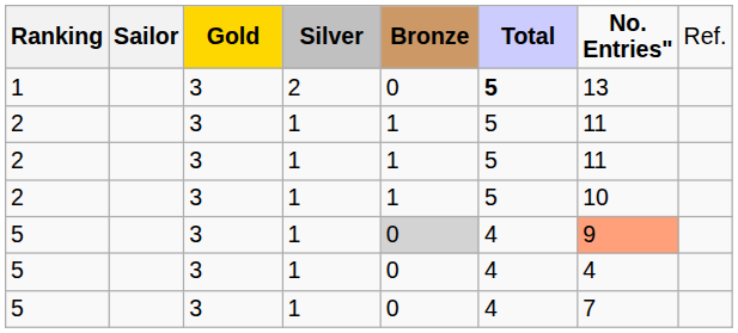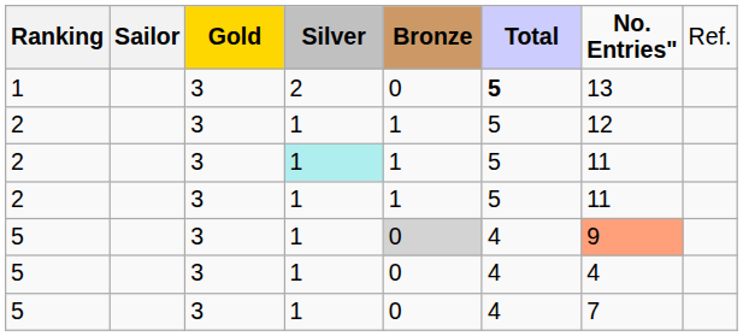 <table class="wikitable sortable">
 <tr>
 <th align=center><strong>Ranking</strong></th>
 <th align=center><strong>Sailor</strong></th>
 <td style="background:gold; width:60px; text-align:center;"><strong>Gold</strong></td>
 <td style="background:silver; width:60px; text-align:center;"><strong>Silver</strong></td>
 <td style="background:#c96; width:60px; text-align:center;"><strong>Bronze</strong></td>
 <td style="background:#ccf; width:60px; text-align:center;"><strong>Total</strong></td>
 <td style="width:60px; text-align:center;"><strong>No. Entries"</strong></td>
 <td>Ref.</td>
 </tr>
 <tr>
 <td>1</td>
 <td></td>
 <td>3</td>
 <td>2</td>
 <td>0</td>
 <td><strong>5</strong></td>
 <td>13</td>
 <td></td>
 </tr>
 <tr>
 <td>2</td>
 <td></td>
 <td>3</td>
 <td>1</td>
 <td>1</td>
 <td>5</td>
-<td>11</td>
+<td>12</td>
 <td></td>
 </tr>
 <tr>
 <td>2</td>
 <td></td>
 <td>3</td>
-<td>1</td>
+<td style="background: paleturquoise;">1</td>
 <td>1</td>
 <td>5</td>
 <td>11</td>
 <td></td>
 </tr>
 <tr>
 <td>2</td>
 <td></td>
 <td>3</td>
 <td>1</td>
 <td>1</td>
 <td>5</td>
-<td>10</td>
+<td>11</td>
 <td></td>
 </tr>
 <tr>
 <td>5</td>
 <td></td>
 <td>3</td>
 <td>1</td>
 <td style="background: lightgrey;">0</td>
 <td>4</td>
 <td style="background: lightsalmon;">9</td>
 <td></td>
 </tr>
 <tr>
 <td>5</td>
 <td></td>
 <td>3</td>
 <td>1</td>
 <td>0</td>
 <td>4</td>
 <td>4</td>
 <td></td>
 </tr>
 <tr>
 <td>5</td>
 <td></td>
 <td>3</td>
 <td>1</td>
 <td>0</td>
 <td>4</td>
 <td>7</td>
 <td></td>
 </tr>
 </table>
